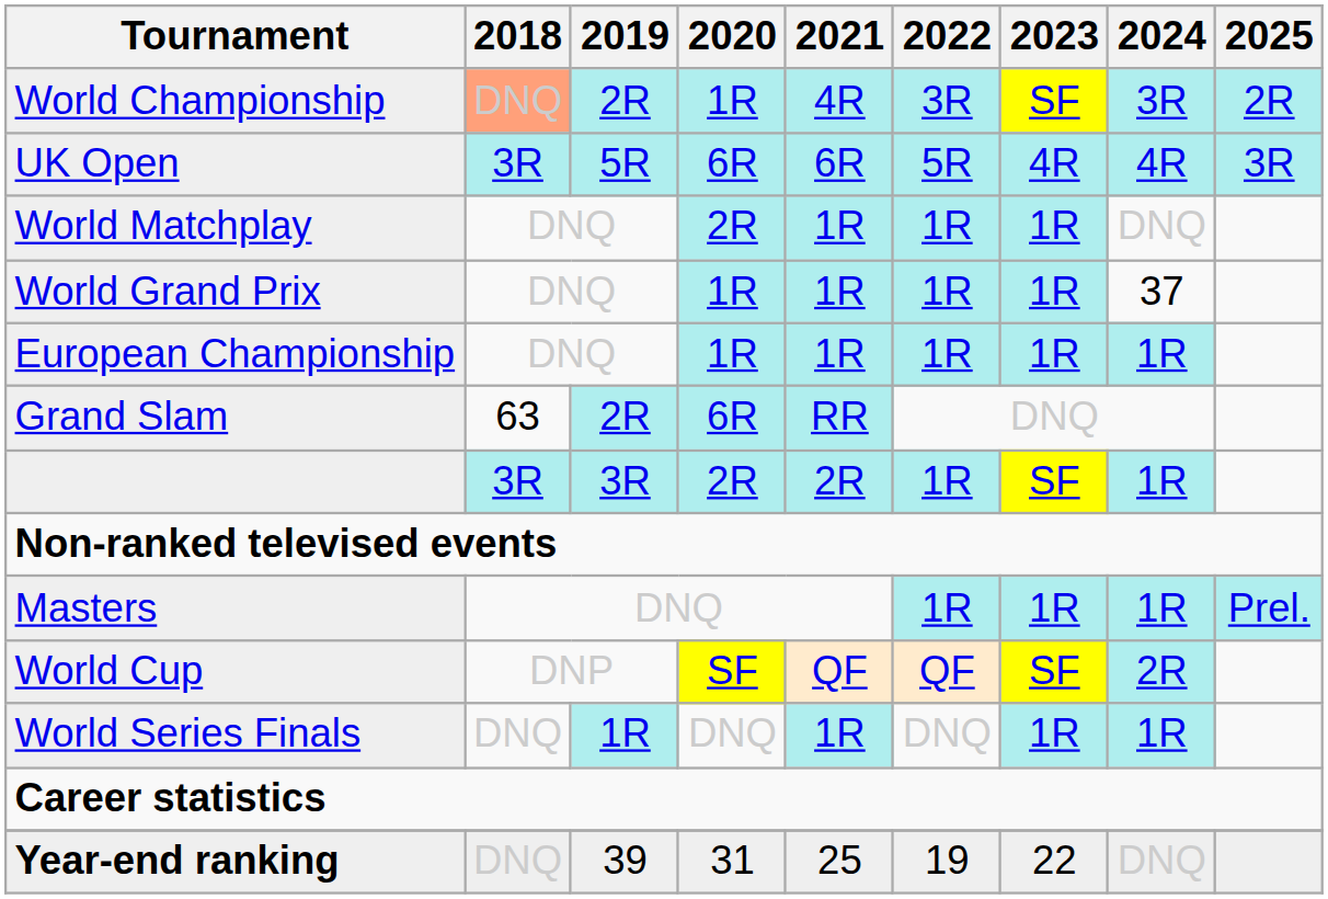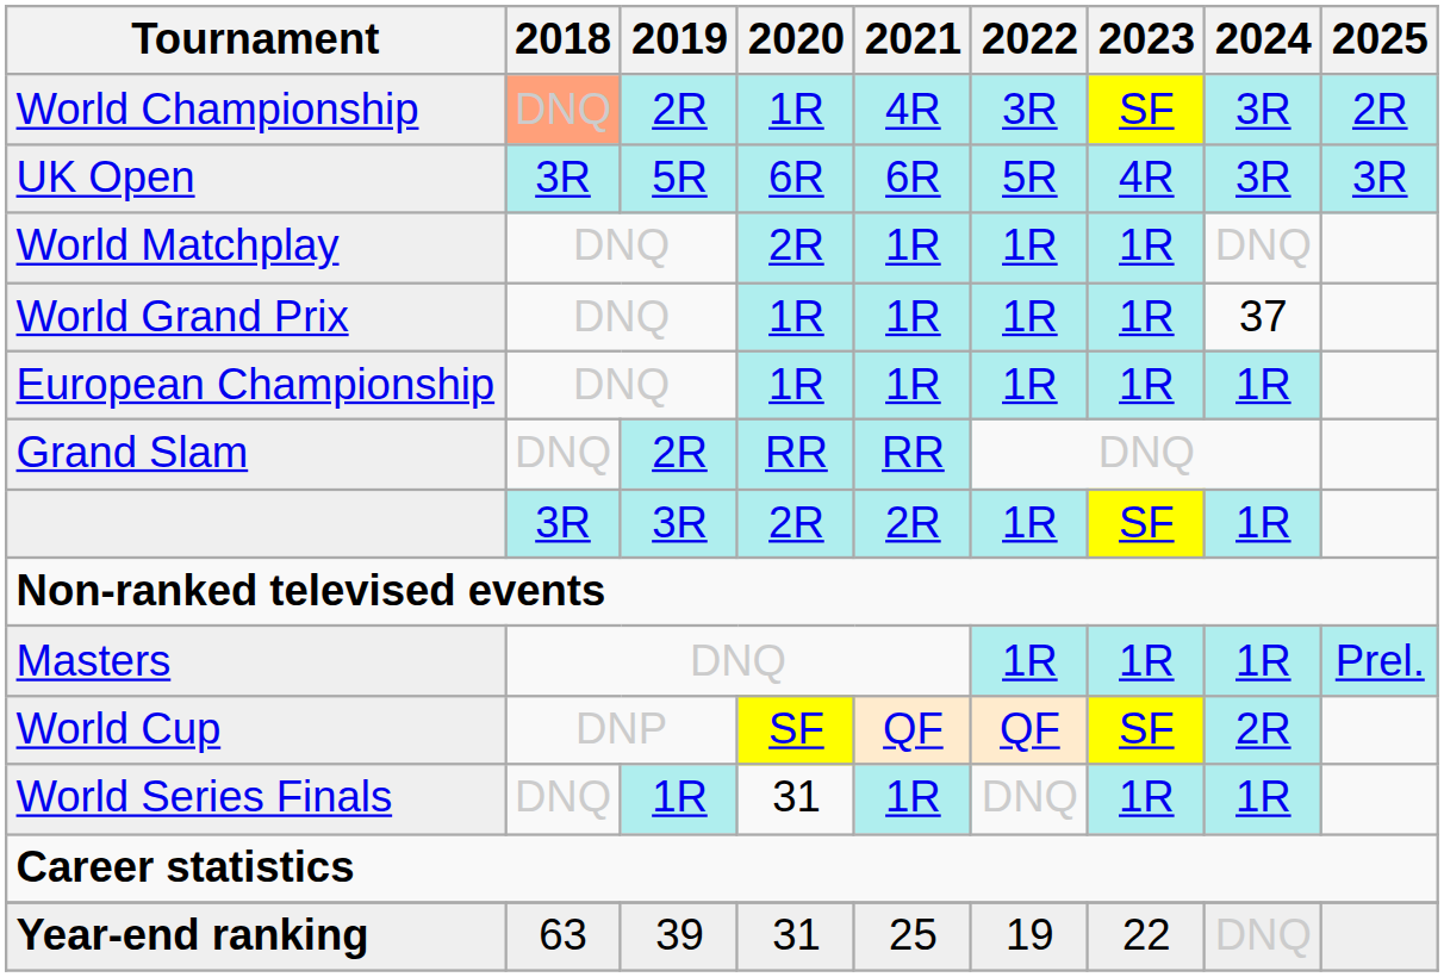 <table class="wikitable">
 <tr>
 <th>Tournament</th>
 <th>2018</th>
 <th>2019</th>
 <th>2020</th>
 <th>2021</th>
 <th>2022</th>
 <th>2023</th>
 <th>2024</th>
 <th>2025</th>
 </tr>
 <tr>
 <td style="background:#efefef;"><a href='#'>World Championship</a></td>
 <td style="background: lightsalmon; text-align:center; color:#ccc;">DNQ</td>
 <td style="text-align:center; background:#afeeee;"><a href='#'>2R</a></td>
 <td style="text-align:center; background:#afeeee;"><a href='#'>1R</a></td>
 <td style="text-align:center; background:#afeeee;"><a href='#'>4R</a></td>
 <td style="text-align:center; background:#afeeee;"><a href='#'>3R</a></td>
 <td style="text-align:center; background:yellow;"><a href='#'>SF</a></td>
 <td style="text-align:center; background:#afeeee;"><a href='#'>3R</a></td>
 <td style="text-align:center; background:#afeeee;"><a href='#'>2R</a></td>
 </tr>
 <tr>
 <td style="background:#efefef;"><a href='#'>UK Open</a></td>
 <td style="text-align:center; background:#afeeee;"><a href='#'>3R</a></td>
 <td style="text-align:center; background:#afeeee;"><a href='#'>5R</a></td>
 <td style="text-align:center; background:#afeeee;"><a href='#'>6R</a></td>
 <td style="text-align:center; background:#afeeee;"><a href='#'>6R</a></td>
 <td style="text-align:center; background:#afeeee;"><a href='#'>5R</a></td>
 <td style="text-align:center; background:#afeeee;"><a href='#'>4R</a></td>
-<td style="text-align:center; background:#afeeee;"><a href='#'>4R</a></td>
+<td style="text-align:center; background:#afeeee;"><a href='#'>3R</a></td>
 <td style="text-align:center; background:#afeeee;"><a href='#'>3R</a></td>
 </tr>
 <tr>
 <td style="background:#efefef;"><a href='#'>World Matchplay</a></td>
 <td colspan="2" style="text-align:center; color:#ccc;">DNQ</td>
 <td style="text-align:center; background:#afeeee;"><a href='#'>2R</a></td>
 <td style="text-align:center; background:#afeeee;"><a href='#'>1R</a></td>
 <td style="text-align:center; background:#afeeee;"><a href='#'>1R</a></td>
 <td style="text-align:center; background:#afeeee;"><a href='#'>1R</a></td>
 <td style="text-align:center; color:#ccc;">DNQ</td>
 <td></td>
 </tr>
 <tr>
 <td style="background:#efefef;"><a href='#'>World Grand Prix</a></td>
 <td colspan="2" style="text-align:center; color:#ccc;">DNQ</td>
 <td style="text-align:center; background:#afeeee;"><a href='#'>1R</a></td>
 <td style="text-align:center; background:#afeeee;"><a href='#'>1R</a></td>
 <td style="text-align:center; background:#afeeee;"><a href='#'>1R</a></td>
 <td style="text-align:center; background:#afeeee;"><a href='#'>1R</a></td>
 <td style="text-align:center;">37</td>
 <td></td>
 </tr>
 <tr>
 <td style="background:#efefef;"><a href='#'>European Championship</a></td>
 <td colspan="2" style="text-align:center; color:#ccc;">DNQ</td>
 <td style="text-align:center; background:#afeeee;"><a href='#'>1R</a></td>
 <td style="text-align:center; background:#afeeee;"><a href='#'>1R</a></td>
 <td style="text-align:center; background:#afeeee;"><a href='#'>1R</a></td>
 <td style="text-align:center; background:#afeeee;"><a href='#'>1R</a></td>
 <td style="text-align:center; background:#afeeee;"><a href='#'>1R</a></td>
 <td></td>
 </tr>
 <tr>
 <td style="background:#efefef;"><a href='#'>Grand Slam</a></td>
-<td style="text-align:center;">63</td>
+<td style="text-align:center; color:#ccc;">DNQ</td>
 <td style="text-align:center; background:#afeeee;"><a href='#'>2R</a></td>
-<td style="text-align:center; background:#afeeee;"><a href='#'>6R</a></td>
+<td style="text-align:center; background:#afeeee;"><a href='#'>RR</a></td>
 <td style="text-align:center; background:#afeeee;"><a href='#'>RR</a></td>
 <td colspan="3" style="text-align:center; color:#ccc;">DNQ</td>
 <td></td>
 </tr>
 <tr>
 <td style="background:#efefef;"></td>
 <td style="text-align:center; background:#afeeee;"><a href='#'>3R</a></td>
 <td style="text-align:center; background:#afeeee;"><a href='#'>3R</a></td>
 <td style="text-align:center; background:#afeeee;"><a href='#'>2R</a></td>
 <td style="text-align:center; background:#afeeee;"><a href='#'>2R</a></td>
 <td style="text-align:center; background:#afeeee;"><a href='#'>1R</a></td>
 <td style="text-align:center; background:yellow;"><a href='#'>SF</a></td>
 <td style="text-align:center; background:#afeeee;"><a href='#'>1R</a></td>
 <td></td>
 </tr>
 <tr>
 <td colspan="14" align="left"><strong>Non-ranked televised events</strong></td>
 </tr>
 <tr>
 <td style="background:#efefef;"><a href='#'>Masters</a></td>
 <td colspan="4" style="text-align:center; color:#ccc;">DNQ</td>
 <td style="text-align:center; background:#afeeee;"><a href='#'>1R</a></td>
 <td style="text-align:center; background:#afeeee;"><a href='#'>1R</a></td>
 <td style="text-align:center; background:#afeeee;"><a href='#'>1R</a></td>
 <td style="text-align:center; background:#afeeee;"><a href='#'>Prel.</a></td>
 </tr>
 <tr>
 <td style="background:#efefef;"><a href='#'>World Cup</a></td>
 <td colspan="2" style="text-align:center; color:#ccc;">DNP</td>
 <td style="text-align:center; background:yellow;"><a href='#'>SF</a></td>
 <td style="text-align:center; background:#ffebcd;"><a href='#'>QF</a></td>
 <td style="text-align:center; background:#ffebcd;"><a href='#'>QF</a></td>
 <td style="text-align:center; background:yellow;"><a href='#'>SF</a></td>
 <td style="text-align:center; background:#afeeee;"><a href='#'>2R</a></td>
 <td></td>
 </tr>
 <tr>
 <td style="background:#efefef;"><a href='#'>World Series Finals</a></td>
 <td style="text-align:center; color:#ccc;">DNQ</td>
 <td style="text-align:center; background:#afeeee;"><a href='#'>1R</a></td>
-<td style="text-align:center; color:#ccc;">DNQ</td>
+<td style="text-align:center;">31</td>
 <td style="text-align:center; background:#afeeee;"><a href='#'>1R</a></td>
 <td style="text-align:center; color:#ccc;">DNQ</td>
 <td style="text-align:center; background:#afeeee;"><a href='#'>1R</a></td>
 <td style="text-align:center; background:#afeeee;"><a href='#'>1R</a></td>
 <td></td>
 </tr>
 <tr>
 <td colspan="14" align="left"><strong>Career statistics</strong></td>
 </tr>
 <tr>
 </tr>
 <tr bgcolor="efefef">
 <td align="left"><strong>Year-end ranking</strong></td>
-<td style="text-align:center; color:#ccc;">DNQ</td>
+<td style="text-align:center;">63</td>
 <td style="text-align:center;">39</td>
 <td style="text-align:center;">31</td>
 <td style="text-align:center;">25</td>
 <td style="text-align:center;">19</td>
 <td style="text-align:center;">22</td>
 <td style="text-align:center; color:#ccc;">DNQ</td>
 <td></td>
 </tr>
 </table>
